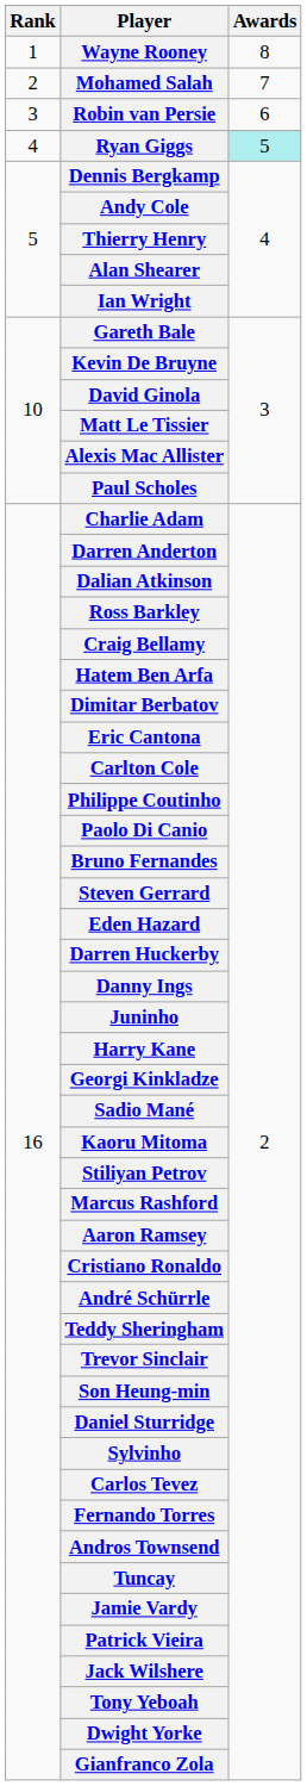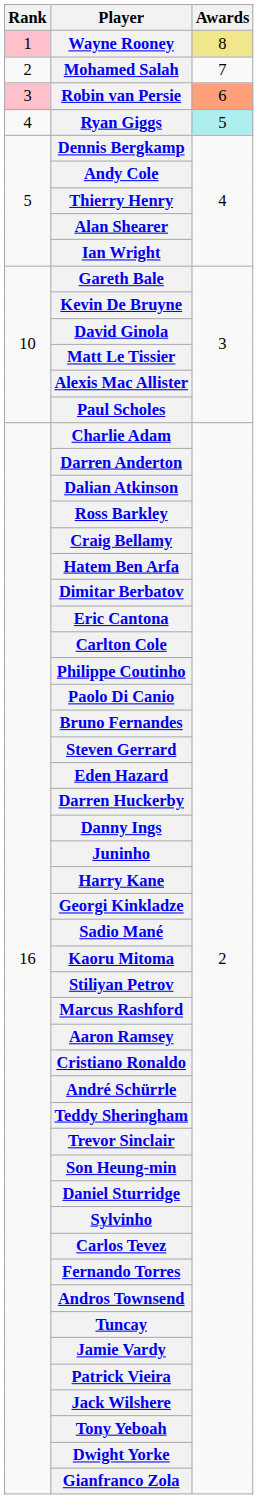 <table class="wikitable plainrowheaders" style="text-align:center">
 <tr>
 <th scope="col">Rank</th>
 <th scope="col">Player</th>
 <th scope="col">Awards</th>
 </tr>
 <tr>
-<td>1</td>
+<td style="background: pink;">1</td>
 <th scope="row"> <a href='#'>Wayne Rooney</a></th>
-<td>8</td>
+<td style="background: khaki;">8</td>
 </tr>
 <tr>
 <td style="border-top:1px solid silver">2</td>
 <th style="border-top:1px solid silver" scope="row"> <strong><a href='#'>Mohamed Salah</a></strong></th>
 <td style="border-top:1px solid silver">7</td>
 </tr>
 <tr>
-<td>3</td>
+<td style="background: pink;">3</td>
 <th scope="row"> <a href='#'>Robin van Persie</a></th>
-<td>6</td>
+<td style="background: lightsalmon;">6</td>
 </tr>
 <tr>
 <td rowspan="1" style="border-top:1px solid silver">4</td>
 <th scope="row"> <a href='#'>Ryan Giggs</a></th>
 <td style="background: paleturquoise;">5</td>
 </tr>
 <tr>
 <td rowspan="5" style="border-top:1px solid silver">5</td>
 <th style="border-top:1px solid silver" scope="row"> <a href='#'>Dennis Bergkamp</a></th>
 <td rowspan="5" style="border-top:1px solid silver">4</td>
 </tr>
 <tr>
 <th scope="row"> <a href='#'>Andy Cole</a></th>
 </tr>
 <tr>
 <th scope="row"> <a href='#'>Thierry Henry</a></th>
 </tr>
 <tr>
 <th scope="row"> <a href='#'>Alan Shearer</a></th>
 </tr>
 <tr>
 <th scope="row"> <a href='#'>Ian Wright</a></th>
 </tr>
 <tr>
 <td rowspan="6" style="border-top:1px solid silver">10</td>
 <th style="border-top:1px solid silver" scope="row"> <a href='#'>Gareth Bale</a></th>
 <td rowspan="6" style="border-top:1px solid silver">3</td>
 </tr>
 <tr>
 <th scope="row"> <strong><a href='#'>Kevin De Bruyne</a></strong></th>
 </tr>
 <tr>
 <th scope="row"> <a href='#'>David Ginola</a></th>
 </tr>
 <tr>
 <th scope="row"> <a href='#'>Matt Le Tissier</a></th>
 </tr>
 <tr>
 <th scope="row"> <strong><a href='#'>Alexis Mac Allister</a></strong></th>
 </tr>
 <tr>
 <th scope="row"> <a href='#'>Paul Scholes</a></th>
 </tr>
 <tr>
 <td rowspan="42" style="border-top:1px solid silver">16</td>
 <th style="border-top:1px solid silver" scope="row"> <a href='#'>Charlie Adam</a></th>
 <td rowspan="41" style=" border-top:1px solid silver">2</td>
 </tr>
 <tr>
 <th scope="row"> <a href='#'>Darren Anderton</a></th>
 </tr>
 <tr>
 <th scope="row"> <a href='#'>Dalian Atkinson</a></th>
 </tr>
 <tr>
 <th scope="row"> <strong><a href='#'>Ross Barkley</a></strong></th>
 </tr>
 <tr>
 <th scope="row"> <a href='#'>Craig Bellamy</a></th>
 </tr>
 <tr>
 <th scope="row"> <a href='#'>Hatem Ben Arfa</a></th>
 </tr>
 <tr>
 <th scope="row"> <a href='#'>Dimitar Berbatov</a></th>
 </tr>
 <tr>
 <th scope="row"> <a href='#'>Eric Cantona</a></th>
 </tr>
 <tr>
 <th scope="row"> <a href='#'>Carlton Cole</a></th>
 </tr>
 <tr>
 <th scope="row"> <a href='#'>Philippe Coutinho</a></th>
 </tr>
 <tr>
 <th scope="row"> <a href='#'>Paolo Di Canio</a></th>
 </tr>
 <tr>
 <th scope="row"> <strong><a href='#'>Bruno Fernandes</a></strong></th>
 </tr>
 <tr>
 <th scope="row"> <a href='#'>Steven Gerrard</a></th>
 </tr>
 <tr>
 <th scope="row"> <a href='#'>Eden Hazard</a></th>
 </tr>
 <tr>
 <th scope="row"> <a href='#'>Darren Huckerby</a></th>
 </tr>
 <tr>
 <th scope="row"> <strong><a href='#'>Danny Ings</a></strong></th>
 </tr>
 <tr>
 <th scope="row"> <a href='#'>Juninho</a></th>
 </tr>
 <tr>
 <th scope="row"> <a href='#'>Harry Kane</a></th>
 </tr>
 <tr>
 <th scope="row"> <a href='#'>Georgi Kinkladze</a></th>
 </tr>
 <tr>
 <th scope="row"> <a href='#'>Sadio Mané</a></th>
 </tr>
 <tr>
 <th scope="row"> <strong><a href='#'>Kaoru Mitoma</a></strong></th>
 </tr>
 <tr>
 <th scope="row"> <a href='#'>Stiliyan Petrov</a></th>
 </tr>
 <tr>
 <th scope="row"> <strong><a href='#'>Marcus Rashford</a></strong></th>
 </tr>
 <tr>
 <th scope="row"> <a href='#'>Aaron Ramsey</a></th>
 </tr>
 <tr>
 <th scope="row"> <a href='#'>Cristiano Ronaldo</a></th>
 </tr>
 <tr>
 <th scope="row"> <a href='#'>André Schürrle</a></th>
 </tr>
 <tr>
 <th scope="row"> <a href='#'>Teddy Sheringham</a></th>
 </tr>
 <tr>
 <th scope="row"> <a href='#'>Trevor Sinclair</a></th>
 </tr>
 <tr>
 <th scope="row"> <strong><a href='#'>Son Heung-min</a></strong></th>
 </tr>
 <tr>
 <th scope="row"> <a href='#'>Daniel Sturridge</a></th>
 </tr>
 <tr>
 <th scope="row"> <a href='#'>Sylvinho</a></th>
 </tr>
 <tr>
 <th scope="row"> <a href='#'>Carlos Tevez</a></th>
 </tr>
 <tr>
 <th scope="row"> <a href='#'>Fernando Torres</a></th>
 </tr>
 <tr>
 <th scope="row"> <a href='#'>Andros Townsend</a></th>
 </tr>
 <tr>
 <th scope="row"> <a href='#'>Tuncay</a></th>
 </tr>
 <tr>
 <th scope="row"> <strong><a href='#'>Jamie Vardy</a></strong></th>
 </tr>
 <tr>
 <th scope="row"> <a href='#'>Patrick Vieira</a></th>
 </tr>
 <tr>
 <th scope="row"> <a href='#'>Jack Wilshere</a></th>
 </tr>
 <tr>
 <th scope="row"> <a href='#'>Tony Yeboah</a></th>
 </tr>
 <tr>
 <th scope="row"> <a href='#'>Dwight Yorke</a></th>
 </tr>
 <tr>
 <th scope="row"> <a href='#'>Gianfranco Zola</a></th>
 </tr>
 </table>
